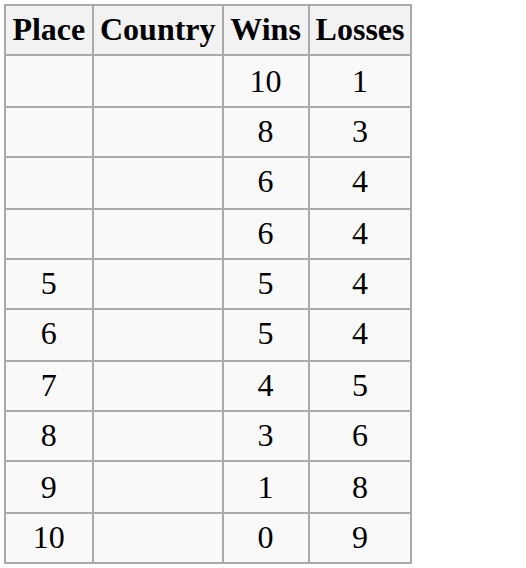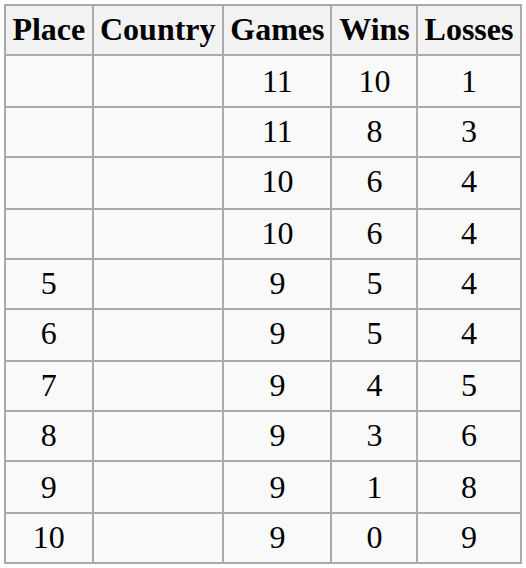 <table class="wikitable" style="text-align:center;">
 <tr>
 <th>Place</th>
 <th>Country</th>
+<th>Games</th>
 <th>Wins</th>
 <th>Losses</th>
 </tr>
 <tr>
 <td></td>
 <td align=left></td>
+<td>11</td>
 <td>10</td>
 <td>1</td>
 </tr>
 <tr>
 <td></td>
 <td align=left></td>
+<td>11</td>
 <td>8</td>
 <td>3</td>
 </tr>
 <tr>
 <td></td>
 <td align=left></td>
+<td>10</td>
 <td>6</td>
 <td>4</td>
 </tr>
 <tr>
 <td></td>
 <td align=left></td>
+<td>10</td>
 <td>6</td>
 <td>4</td>
 </tr>
 <tr>
 <td>5</td>
 <td align=left></td>
+<td>9</td>
 <td>5</td>
 <td>4</td>
 </tr>
 <tr>
 <td>6</td>
 <td align=left></td>
+<td>9</td>
 <td>5</td>
 <td>4</td>
 </tr>
 <tr>
 <td>7</td>
 <td align=left></td>
+<td>9</td>
 <td>4</td>
 <td>5</td>
 </tr>
 <tr>
 <td>8</td>
 <td align=left></td>
+<td>9</td>
 <td>3</td>
 <td>6</td>
 </tr>
 <tr>
 <td>9</td>
 <td align=left></td>
+<td>9</td>
 <td>1</td>
 <td>8</td>
 </tr>
 <tr>
 <td>10</td>
 <td align=left></td>
+<td>9</td>
 <td>0</td>
 <td>9</td>
 </tr>
 </table>
